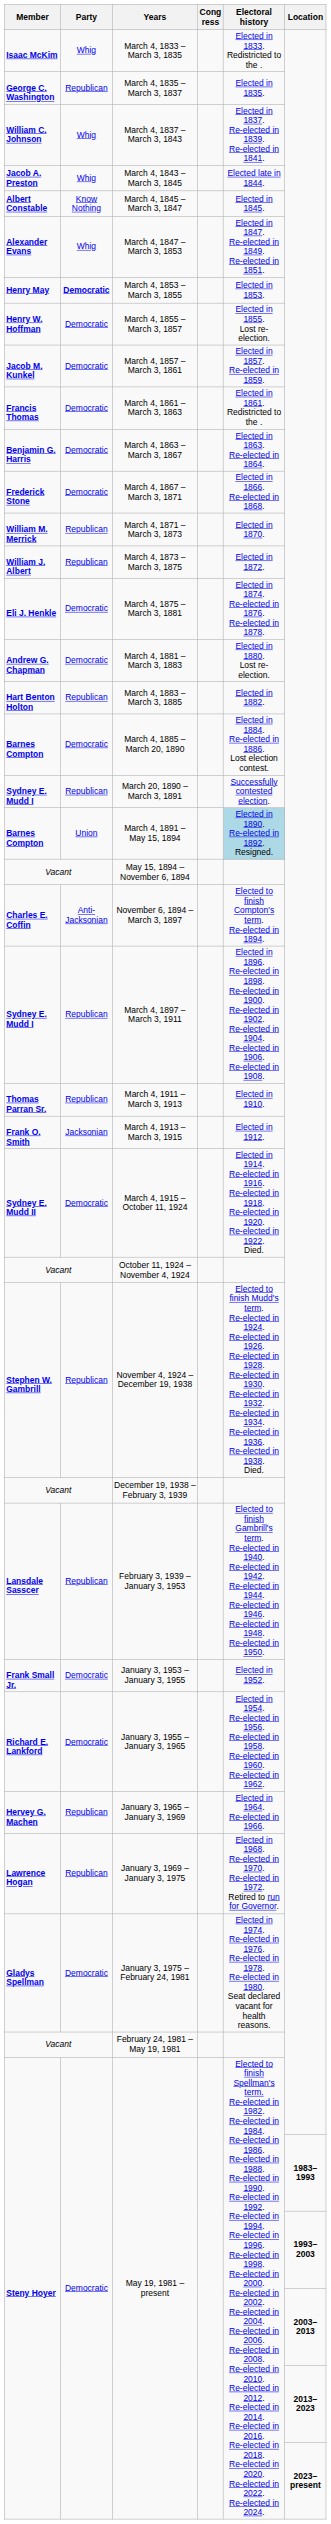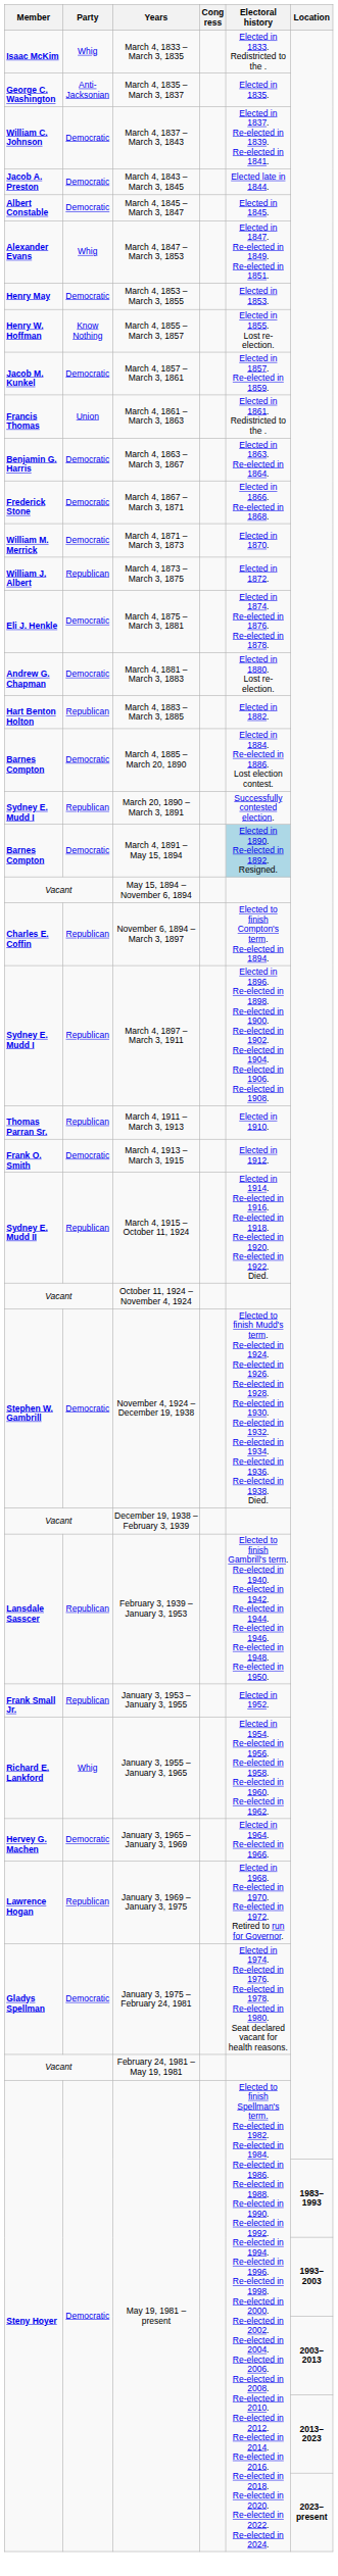 <table class="wikitable" style="text-align:center">
 <tr style="height:3em">
 <th>Member</th>
 <th>Party</th>
 <th>Years</th>
 <th>Cong<br>ress</th>
 <th>Electoral history</th>
 <th>Location</th>
 </tr>
 <tr style="height:3em">
 <td align=left><br><strong><a href='#'>Isaac McKim</a></strong><br></td>
 <td><a href='#'>Whig</a></td>
 <td nowrap>March 4, 1833 –<br>March 3, 1835</td>
 <td></td>
 <td><a href='#'>Elected in 1833</a>.<br>Redistricted to the .</td>
 <td rowspan=37></td>
 </tr>
 <tr style="height:3em">
 <td align=left><br><strong><a href='#'>George C. Washington</a></strong><br></td>
-<td><a href='#'>Republican</a></td>
+<td><a href='#'>Anti-Jacksonian</a></td>
 <td nowrap>March 4, 1835 –<br>March 3, 1837</td>
 <td></td>
 <td><a href='#'>Elected in 1835</a>.<br></td>
 </tr>
 <tr style="height:3em">
 <td align=left><strong><a href='#'>William C. Johnson</a></strong><br></td>
-<td><a href='#'>Whig</a></td>
+<td><a href='#'>Democratic</a></td>
 <td nowrap>March 4, 1837 –<br>March 3, 1843</td>
 <td></td>
 <td><a href='#'>Elected in 1837</a>.<br><a href='#'>Re-elected in 1839</a>.<br><a href='#'>Re-elected in 1841</a>.<br></td>
 </tr>
 <tr style="height:3em">
 <td align=left><strong><a href='#'>Jacob A. Preston</a></strong><br></td>
-<td><a href='#'>Whig</a></td>
+<td><a href='#'>Democratic</a></td>
 <td nowrap>March 4, 1843 –<br>March 3, 1845</td>
 <td></td>
 <td><a href='#'>Elected late in 1844</a>.<br></td>
 </tr>
 <tr style="height:3em">
 <td align=left><strong><a href='#'>Albert Constable</a></strong><br></td>
-<td><a href='#'>Know Nothing</a></td>
+<td><a href='#'>Democratic</a></td>
 <td nowrap>March 4, 1845 –<br>March 3, 1847</td>
 <td></td>
 <td><a href='#'>Elected in 1845</a>.<br></td>
 </tr>
 <tr style="height:3em">
 <td align=left><strong><a href='#'>Alexander Evans</a></strong><br></td>
 <td><a href='#'>Whig</a></td>
 <td nowrap>March 4, 1847 –<br>March 3, 1853</td>
 <td></td>
 <td><a href='#'>Elected in 1847</a>.<br><a href='#'>Re-elected in 1849</a>.<br><a href='#'>Re-elected in 1851</a>.<br></td>
 </tr>
 <tr style="height:3em">
 <td align=left><strong><a href='#'>Henry May</a></strong><br></td>
-<td><strong><a href='#'>Democratic</a></strong></td>
+<td><a href='#'>Democratic</a></td>
 <td nowrap>March 4, 1853 –<br>March 3, 1855</td>
 <td></td>
 <td><a href='#'>Elected in 1853</a>.<br></td>
 </tr>
 <tr style="height:3em">
 <td align=left><strong><a href='#'>Henry W. Hoffman</a></strong><br></td>
-<td><a href='#'>Democratic</a></td>
+<td><a href='#'>Know Nothing</a></td>
 <td nowrap>March 4, 1855 –<br>March 3, 1857</td>
 <td></td>
 <td><a href='#'>Elected in 1855</a>.<br>Lost re-election.</td>
 </tr>
 <tr style="height:3em">
 <td align=left><br><strong><a href='#'>Jacob M. Kunkel</a></strong><br></td>
 <td><a href='#'>Democratic</a></td>
 <td nowrap>March 4, 1857 –<br>March 3, 1861</td>
 <td></td>
 <td><a href='#'>Elected in 1857</a>.<br><a href='#'>Re-elected in 1859</a>.<br></td>
 </tr>
 <tr style="height:3em">
 <td align=left><br><strong><a href='#'>Francis Thomas</a></strong><br></td>
-<td><a href='#'>Democratic</a></td>
+<td><a href='#'>Union</a></td>
 <td nowrap>March 4, 1861 –<br>March 3, 1863</td>
 <td></td>
 <td><a href='#'>Elected in 1861</a>.<br>Redistricted to the .</td>
 </tr>
 <tr style="height:3em">
 <td align=left><br><strong><a href='#'>Benjamin G. Harris</a></strong><br></td>
 <td><a href='#'>Democratic</a></td>
 <td nowrap>March 4, 1863 –<br>March 3, 1867</td>
 <td></td>
 <td><a href='#'>Elected in 1863</a>.<br><a href='#'>Re-elected in 1864</a>.<br></td>
 </tr>
 <tr style="height:3em">
 <td align=left><br><strong><a href='#'>Frederick Stone</a></strong><br></td>
 <td><a href='#'>Democratic</a></td>
 <td nowrap>March 4, 1867 –<br>March 3, 1871</td>
 <td></td>
 <td><a href='#'>Elected in 1866</a>.<br><a href='#'>Re-elected in 1868</a>.<br></td>
 </tr>
 <tr style="height:3em">
 <td align=left><br><strong><a href='#'>William M. Merrick</a></strong><br></td>
-<td><a href='#'>Republican</a></td>
+<td><a href='#'>Democratic</a></td>
 <td nowrap>March 4, 1871 –<br>March 3, 1873</td>
 <td></td>
 <td><a href='#'>Elected in 1870</a>.<br></td>
 </tr>
 <tr style="height:3em">
 <td align=left><br><strong><a href='#'>William J. Albert</a></strong><br></td>
 <td><a href='#'>Republican</a></td>
 <td nowrap>March 4, 1873 –<br>March 3, 1875</td>
 <td></td>
 <td><a href='#'>Elected in 1872</a>.<br></td>
 </tr>
 <tr style="height:3em">
 <td align=left><br><strong><a href='#'>Eli J. Henkle</a></strong><br></td>
 <td><a href='#'>Democratic</a></td>
 <td nowrap>March 4, 1875 –<br>March 3, 1881</td>
 <td></td>
 <td><a href='#'>Elected in 1874</a>.<br><a href='#'>Re-elected in 1876</a>.<br><a href='#'>Re-elected in 1878</a>.<br></td>
 </tr>
 <tr style="height:3em">
 <td align=left><br><strong><a href='#'>Andrew G. Chapman</a></strong><br></td>
 <td><a href='#'>Democratic</a></td>
 <td nowrap>March 4, 1881 –<br>March 3, 1883</td>
 <td></td>
 <td><a href='#'>Elected in 1880</a>.<br>Lost re-election.</td>
 </tr>
 <tr style="height:3em">
 <td align=left><br><strong><a href='#'>Hart Benton Holton</a></strong><br></td>
 <td><a href='#'>Republican</a></td>
 <td nowrap>March 4, 1883 –<br>March 3, 1885</td>
 <td></td>
 <td><a href='#'>Elected in 1882</a>.<br></td>
 </tr>
 <tr style="height:3em">
 <td align=left><br><strong><a href='#'>Barnes Compton</a></strong><br></td>
 <td><a href='#'>Democratic</a></td>
 <td nowrap>March 4, 1885 –<br>March 20, 1890</td>
 <td></td>
 <td><a href='#'>Elected in 1884</a>.<br><a href='#'>Re-elected in 1886</a>.<br>Lost election contest.</td>
 </tr>
 <tr style="height:3em">
 <td align=left><br><strong><a href='#'>Sydney E. Mudd I</a></strong><br></td>
 <td><a href='#'>Republican</a></td>
 <td nowrap>March 20, 1890 –<br>March 3, 1891</td>
 <td></td>
 <td><a href='#'>Successfully contested election</a>.<br></td>
 </tr>
 <tr style="height:3em">
 <td align=left><br><strong><a href='#'>Barnes Compton</a></strong><br></td>
-<td><a href='#'>Union</a></td>
+<td><a href='#'>Democratic</a></td>
 <td nowrap>March 4, 1891 –<br>May 15, 1894</td>
 <td></td>
 <td style="background: lightblue;"><a href='#'>Elected in 1890</a>.<br><a href='#'>Re-elected in 1892</a>.<br>Resigned.</td>
 </tr>
 <tr style="height:3em">
 <td colspan=2><em>Vacant</em></td>
 <td nowrap>May 15, 1894 –<br>November 6, 1894</td>
 <td></td>
 <td></td>
 </tr>
 <tr style="height:3em">
 <td align=left><br><strong><a href='#'>Charles E. Coffin</a></strong><br></td>
-<td><a href='#'>Anti-Jacksonian</a></td>
+<td><a href='#'>Republican</a></td>
 <td nowrap>November 6, 1894 –<br>March 3, 1897</td>
 <td></td>
 <td><a href='#'>Elected to finish Compton's term</a>.<br><a href='#'>Re-elected in 1894</a>.<br></td>
 </tr>
 <tr style="height:3em">
 <td align=left><br><strong><a href='#'>Sydney E. Mudd I</a></strong><br></td>
 <td><a href='#'>Republican</a></td>
 <td nowrap>March 4, 1897 –<br>March 3, 1911</td>
 <td></td>
 <td><a href='#'>Elected in 1896</a>.<br><a href='#'>Re-elected in 1898</a>.<br><a href='#'>Re-elected in 1900</a>.<br><a href='#'>Re-elected in 1902</a>.<br><a href='#'>Re-elected in 1904</a>.<br><a href='#'>Re-elected in 1906</a>.<br><a href='#'>Re-elected in 1908</a>.<br></td>
 </tr>
 <tr style="height:3em">
 <td align=left><br><strong><a href='#'>Thomas Parran Sr.</a></strong><br></td>
 <td><a href='#'>Republican</a></td>
 <td nowrap>March 4, 1911 –<br>March 3, 1913</td>
 <td></td>
 <td><a href='#'>Elected in 1910</a>.<br></td>
 </tr>
 <tr style="height:3em">
 <td align=left><br><strong><a href='#'>Frank O. Smith</a></strong><br></td>
-<td><a href='#'>Jacksonian</a></td>
+<td><a href='#'>Democratic</a></td>
 <td nowrap>March 4, 1913 –<br>March 3, 1915</td>
 <td></td>
 <td><a href='#'>Elected in 1912</a>.<br></td>
 </tr>
 <tr style="height:3em">
 <td align=left><br><strong><a href='#'>Sydney E. Mudd II</a></strong><br></td>
-<td><a href='#'>Democratic</a></td>
+<td><a href='#'>Republican</a></td>
 <td nowrap>March 4, 1915 –<br>October 11, 1924</td>
 <td></td>
 <td><a href='#'>Elected in 1914</a>.<br><a href='#'>Re-elected in 1916</a>.<br><a href='#'>Re-elected in 1918</a>.<br><a href='#'>Re-elected in 1920</a>.<br><a href='#'>Re-elected in 1922</a>.<br>Died.</td>
 </tr>
 <tr style="height:3em">
 <td colspan=2><em>Vacant</em></td>
 <td nowrap>October 11, 1924 –<br>November 4, 1924</td>
 <td></td>
 <td></td>
 </tr>
 <tr style="height:3em">
 <td align=left><br><strong><a href='#'>Stephen W. Gambrill</a></strong><br></td>
-<td><a href='#'>Republican</a></td>
+<td><a href='#'>Democratic</a></td>
 <td nowrap>November 4, 1924 –<br>December 19, 1938</td>
 <td></td>
 <td><a href='#'>Elected to finish Mudd's term</a>.<br><a href='#'>Re-elected in 1924</a>.<br><a href='#'>Re-elected in 1926</a>.<br><a href='#'>Re-elected in 1928</a>.<br><a href='#'>Re-elected in 1930</a>.<br><a href='#'>Re-elected in 1932</a>.<br><a href='#'>Re-elected in 1934</a>.<br><a href='#'>Re-elected in 1936</a>.<br><a href='#'>Re-elected in 1938</a>.<br>Died.</td>
 </tr>
 <tr style="height:3em">
 <td colspan=2><em>Vacant</em></td>
 <td nowrap>December 19, 1938 –<br>February 3, 1939</td>
 <td></td>
 <td></td>
 </tr>
 <tr style="height:3em">
 <td align=left><br><strong><a href='#'>Lansdale Sasscer</a></strong><br></td>
 <td><a href='#'>Republican</a></td>
 <td nowrap>February 3, 1939 –<br>January 3, 1953</td>
 <td></td>
 <td><a href='#'>Elected to finish Gambrill's term</a>.<br><a href='#'>Re-elected in 1940</a>.<br><a href='#'>Re-elected in 1942</a>.<br><a href='#'>Re-elected in 1944</a>.<br><a href='#'>Re-elected in 1946</a>.<br><a href='#'>Re-elected in 1948</a>.<br><a href='#'>Re-elected in 1950</a>.<br></td>
 </tr>
 <tr style="height:3em">
 <td align=left><br><strong><a href='#'>Frank Small Jr.</a></strong><br></td>
-<td><a href='#'>Democratic</a></td>
+<td><a href='#'>Republican</a></td>
 <td nowrap>January 3, 1953 –<br>January 3, 1955</td>
 <td></td>
 <td><a href='#'>Elected in 1952</a>.<br></td>
 </tr>
 <tr style="height:3em">
 <td align=left><br><strong><a href='#'>Richard E. Lankford</a></strong><br></td>
-<td><a href='#'>Democratic</a></td>
+<td><a href='#'>Whig</a></td>
 <td nowrap>January 3, 1955 –<br>January 3, 1965</td>
 <td></td>
 <td><a href='#'>Elected in 1954</a>.<br><a href='#'>Re-elected in 1956</a>.<br><a href='#'>Re-elected in 1958</a>.<br><a href='#'>Re-elected in 1960</a>.<br><a href='#'>Re-elected in 1962</a>.<br></td>
 </tr>
 <tr style="height:3em">
 <td align=left><br><strong><a href='#'>Hervey G. Machen</a></strong><br></td>
-<td><a href='#'>Republican</a></td>
+<td><a href='#'>Democratic</a></td>
 <td nowrap>January 3, 1965 –<br>January 3, 1969</td>
 <td></td>
 <td><a href='#'>Elected in 1964</a>.<br><a href='#'>Re-elected in 1966</a>.<br></td>
 </tr>
 <tr style="height:3em">
 <td align=left><br><strong><a href='#'>Lawrence Hogan</a></strong><br></td>
 <td><a href='#'>Republican</a></td>
 <td nowrap>January 3, 1969 –<br>January 3, 1975</td>
 <td></td>
 <td><a href='#'>Elected in 1968</a>.<br><a href='#'>Re-elected in 1970</a>.<br><a href='#'>Re-elected in 1972</a>.<br>Retired to <a href='#'>run for Governor</a>.</td>
 </tr>
 <tr style="height:3em">
 <td align=left><br><strong><a href='#'>Gladys Spellman</a></strong><br></td>
 <td><a href='#'>Democratic</a></td>
 <td nowrap>January 3, 1975 –<br>February 24, 1981</td>
 <td></td>
 <td><a href='#'>Elected in 1974</a>.<br><a href='#'>Re-elected in 1976</a>.<br><a href='#'>Re-elected in 1978</a>.<br><a href='#'>Re-elected in 1980</a>.<br>Seat declared vacant for health reasons.</td>
 </tr>
 <tr style="height:3em">
 <td colspan=2><em>Vacant</em></td>
 <td nowrap>February 24, 1981 –<br>May 19, 1981</td>
 <td></td>
 <td></td>
 </tr>
 <tr style="height:3em">
 <td rowspan=6 align=left><br><strong><a href='#'>Steny Hoyer</a></strong><br></td>
 <td rowspan=6 ><a href='#'>Democratic</a></td>
 <td rowspan=6 nowrap>May 19, 1981 –<br>present</td>
 <td rowspan=6></td>
 <td rowspan=6><a href='#'>Elected to finish Spellman's term.</a><br><a href='#'>Re-elected in 1982</a>.<br><a href='#'>Re-elected in 1984</a>.<br><a href='#'>Re-elected in 1986</a>.<br><a href='#'>Re-elected in 1988</a>.<br><a href='#'>Re-elected in 1990</a>.<br><a href='#'>Re-elected in 1992</a>.<br><a href='#'>Re-elected in 1994</a>.<br><a href='#'>Re-elected in 1996</a>.<br><a href='#'>Re-elected in 1998</a>.<br><a href='#'>Re-elected in 2000</a>.<br><a href='#'>Re-elected in 2002</a>.<br><a href='#'>Re-elected in 2004</a>.<br><a href='#'>Re-elected in 2006</a>.<br><a href='#'>Re-elected in 2008</a>.<br><a href='#'>Re-elected in 2010</a>.<br><a href='#'>Re-elected in 2012</a>.<br><a href='#'>Re-elected in 2014</a>.<br><a href='#'>Re-elected in 2016</a>.<br><a href='#'>Re-elected in 2018</a>.<br><a href='#'>Re-elected in 2020</a>.<br><a href='#'>Re-elected in 2022</a>.<br><a href='#'>Re-elected in 2024</a>.</td>
 </tr>
 <tr style="height:3em">
 <td><strong>1983–1993</strong><br></td>
 </tr>
 <tr style="height:3em">
 <td><strong>1993–2003</strong><br></td>
 </tr>
 <tr style="height:3em">
 <td><strong>2003–2013</strong><br></td>
 </tr>
 <tr style="height:3em">
 <td><strong>2013–2023</strong><br></td>
 </tr>
 <tr style="height:3em">
 <td><strong>2023–present</strong><br></td>
 </tr>
 </table>
